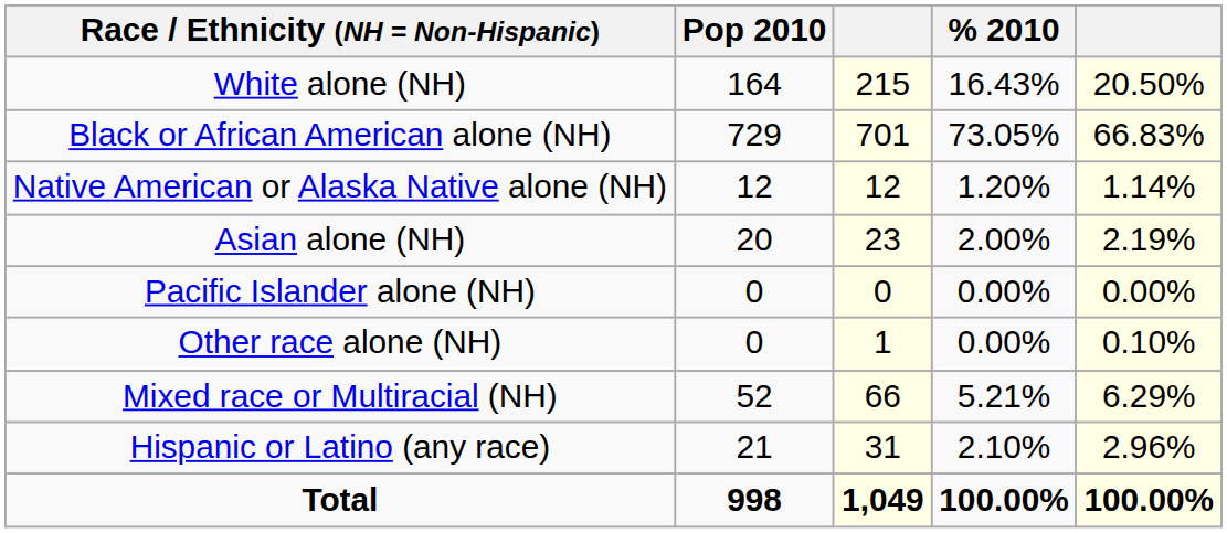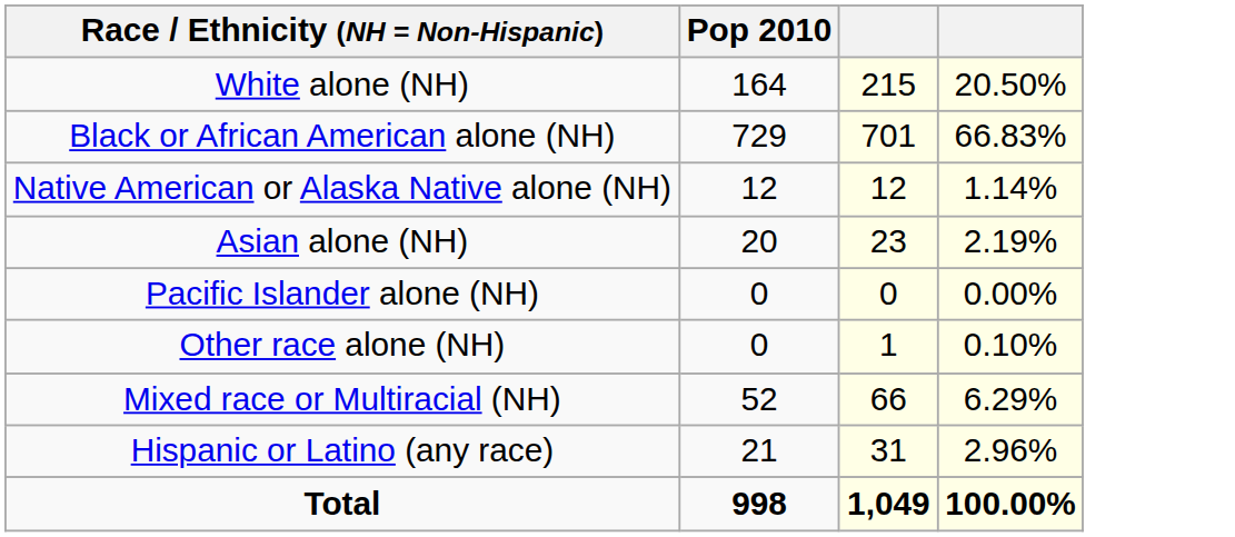 <table class="wikitable" style="text-align:center;">
 <tr>
 <th>Race / Ethnicity <small>(<em>NH = Non-Hispanic</em>)</small></th>
 <th>Pop 2010</th>
 <th></th>
-<th>% 2010</th>
 <th></th>
 </tr>
 <tr>
 <td><a href='#'>White</a> alone (NH)</td>
 <td>164</td>
 <td style='background: #ffffe6;'>215</td>
-<td>16.43%</td>
 <td style='background: #ffffe6;'>20.50%</td>
 </tr>
 <tr>
 <td><a href='#'>Black or African American</a> alone (NH)</td>
 <td>729</td>
 <td style='background: #ffffe6;'>701</td>
-<td>73.05%</td>
 <td style='background: #ffffe6;'>66.83%</td>
 </tr>
 <tr>
 <td><a href='#'>Native American</a> or <a href='#'>Alaska Native</a> alone (NH)</td>
 <td>12</td>
 <td style='background: #ffffe6;'>12</td>
-<td>1.20%</td>
 <td style='background: #ffffe6;'>1.14%</td>
 </tr>
 <tr>
 <td><a href='#'>Asian</a> alone (NH)</td>
 <td>20</td>
 <td style='background: #ffffe6;'>23</td>
-<td>2.00%</td>
 <td style='background: #ffffe6;'>2.19%</td>
 </tr>
 <tr>
 <td><a href='#'>Pacific Islander</a> alone (NH)</td>
 <td>0</td>
 <td style='background: #ffffe6;'>0</td>
-<td>0.00%</td>
 <td style='background: #ffffe6;'>0.00%</td>
 </tr>
 <tr>
 <td><a href='#'>Other race</a> alone (NH)</td>
 <td>0</td>
 <td style='background: #ffffe6;'>1</td>
-<td>0.00%</td>
 <td style='background: #ffffe6;'>0.10%</td>
 </tr>
 <tr>
 <td><a href='#'>Mixed race or Multiracial</a> (NH)</td>
 <td>52</td>
 <td style='background: #ffffe6;'>66</td>
-<td>5.21%</td>
 <td style='background: #ffffe6;'>6.29%</td>
 </tr>
 <tr>
 <td><a href='#'>Hispanic or Latino</a> (any race)</td>
 <td>21</td>
 <td style='background: #ffffe6;'>31</td>
-<td>2.10%</td>
 <td style='background: #ffffe6;'>2.96%</td>
 </tr>
 <tr>
 <td><strong>Total</strong></td>
 <td><strong>998</strong></td>
 <td style='background: #ffffe6;'><strong>1,049</strong></td>
-<td><strong>100.00%</strong></td>
 <td style='background: #ffffe6;'><strong>100.00%</strong></td>
 </tr>
 </table>
